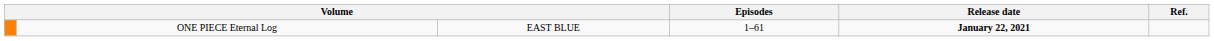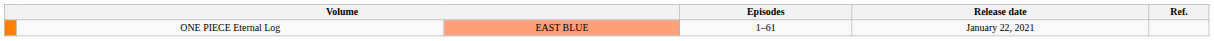 <table class="wikitable" style="text-align: center; width: 98%;">
 <tr>
 <th colspan="3">Volume</th>
 <th>Episodes</th>
 <th>Release date</th>
 <th width="5%">Ref.</th>
 </tr>
 <tr>
 <td width="1%" style="background: #FF8000;"></td>
 <td>ONE PIECE Eternal Log</td>
-<td>EAST BLUE</td>
+<td style="background: lightsalmon;">EAST BLUE</td>
 <td>1–61</td>
-<td><strong>January 22, 2021</strong></td>
+<td>January 22, 2021</td>
 <td></td>
 </tr>
 </table>
